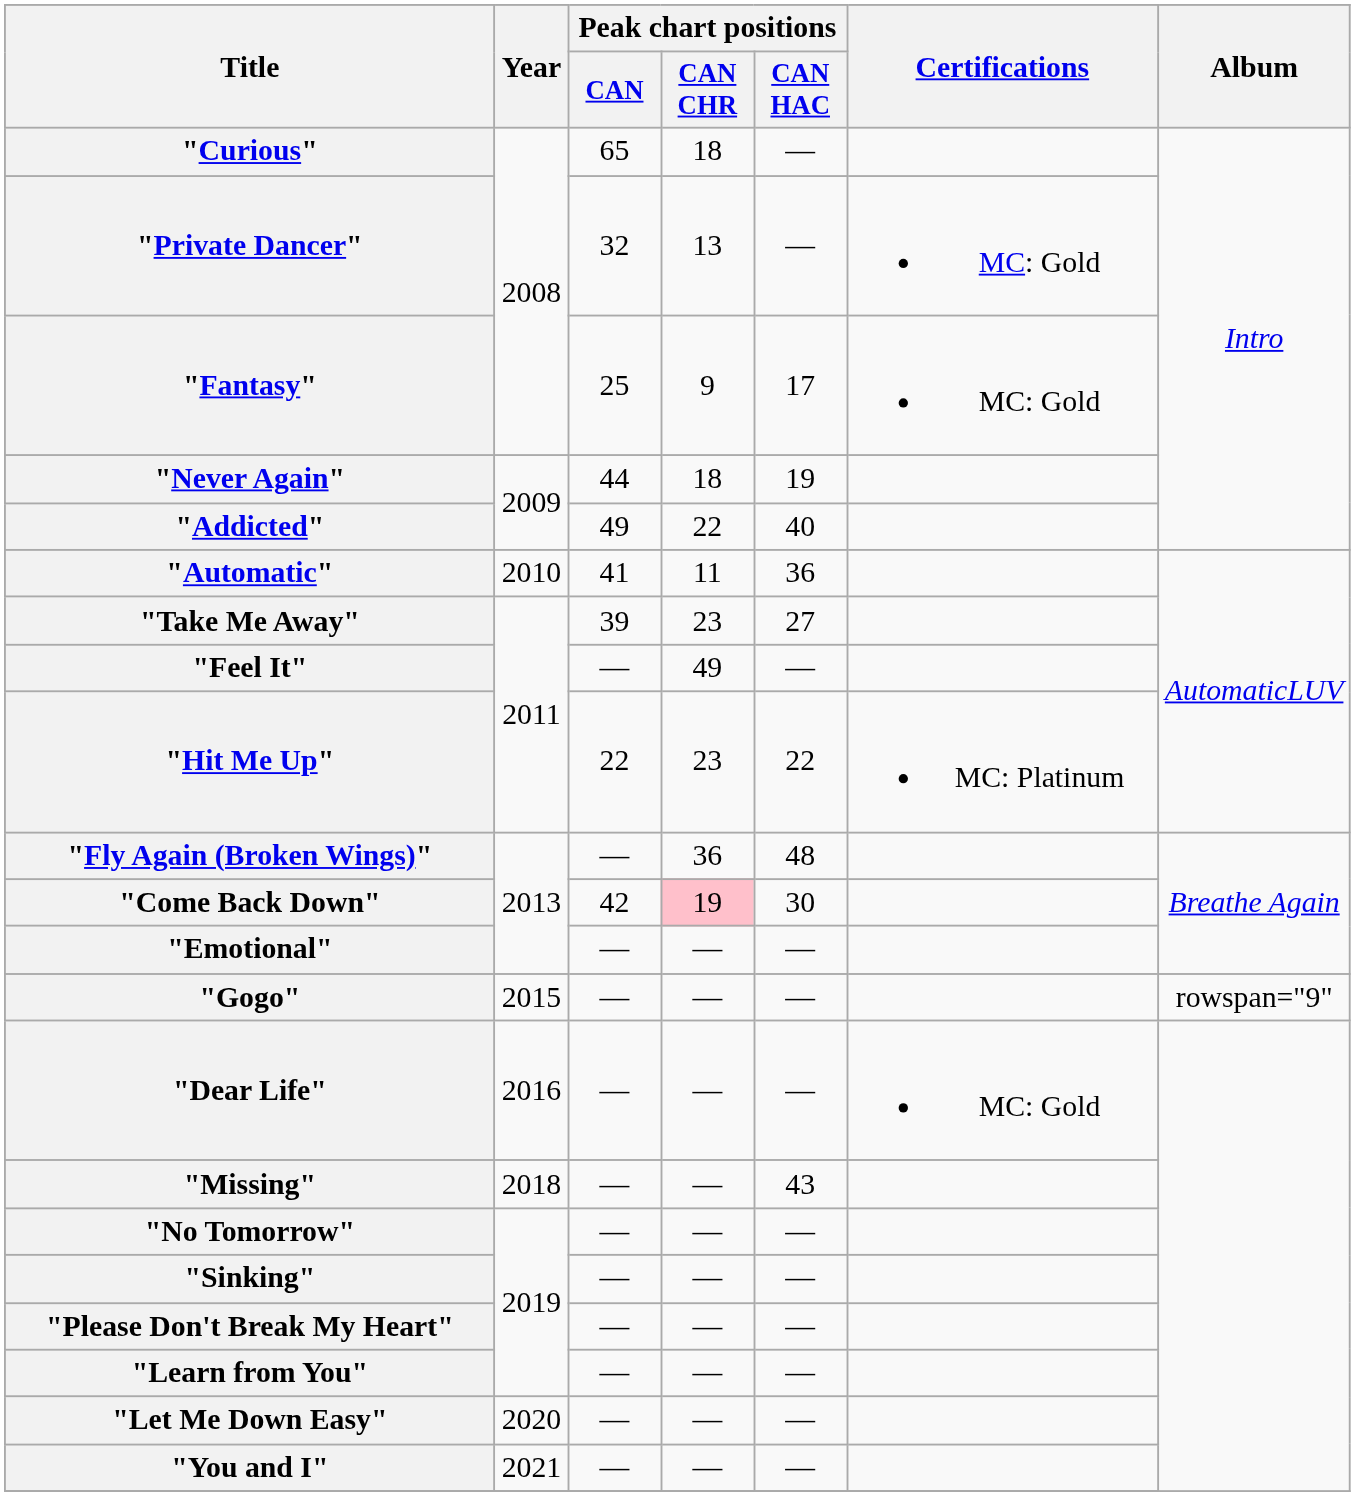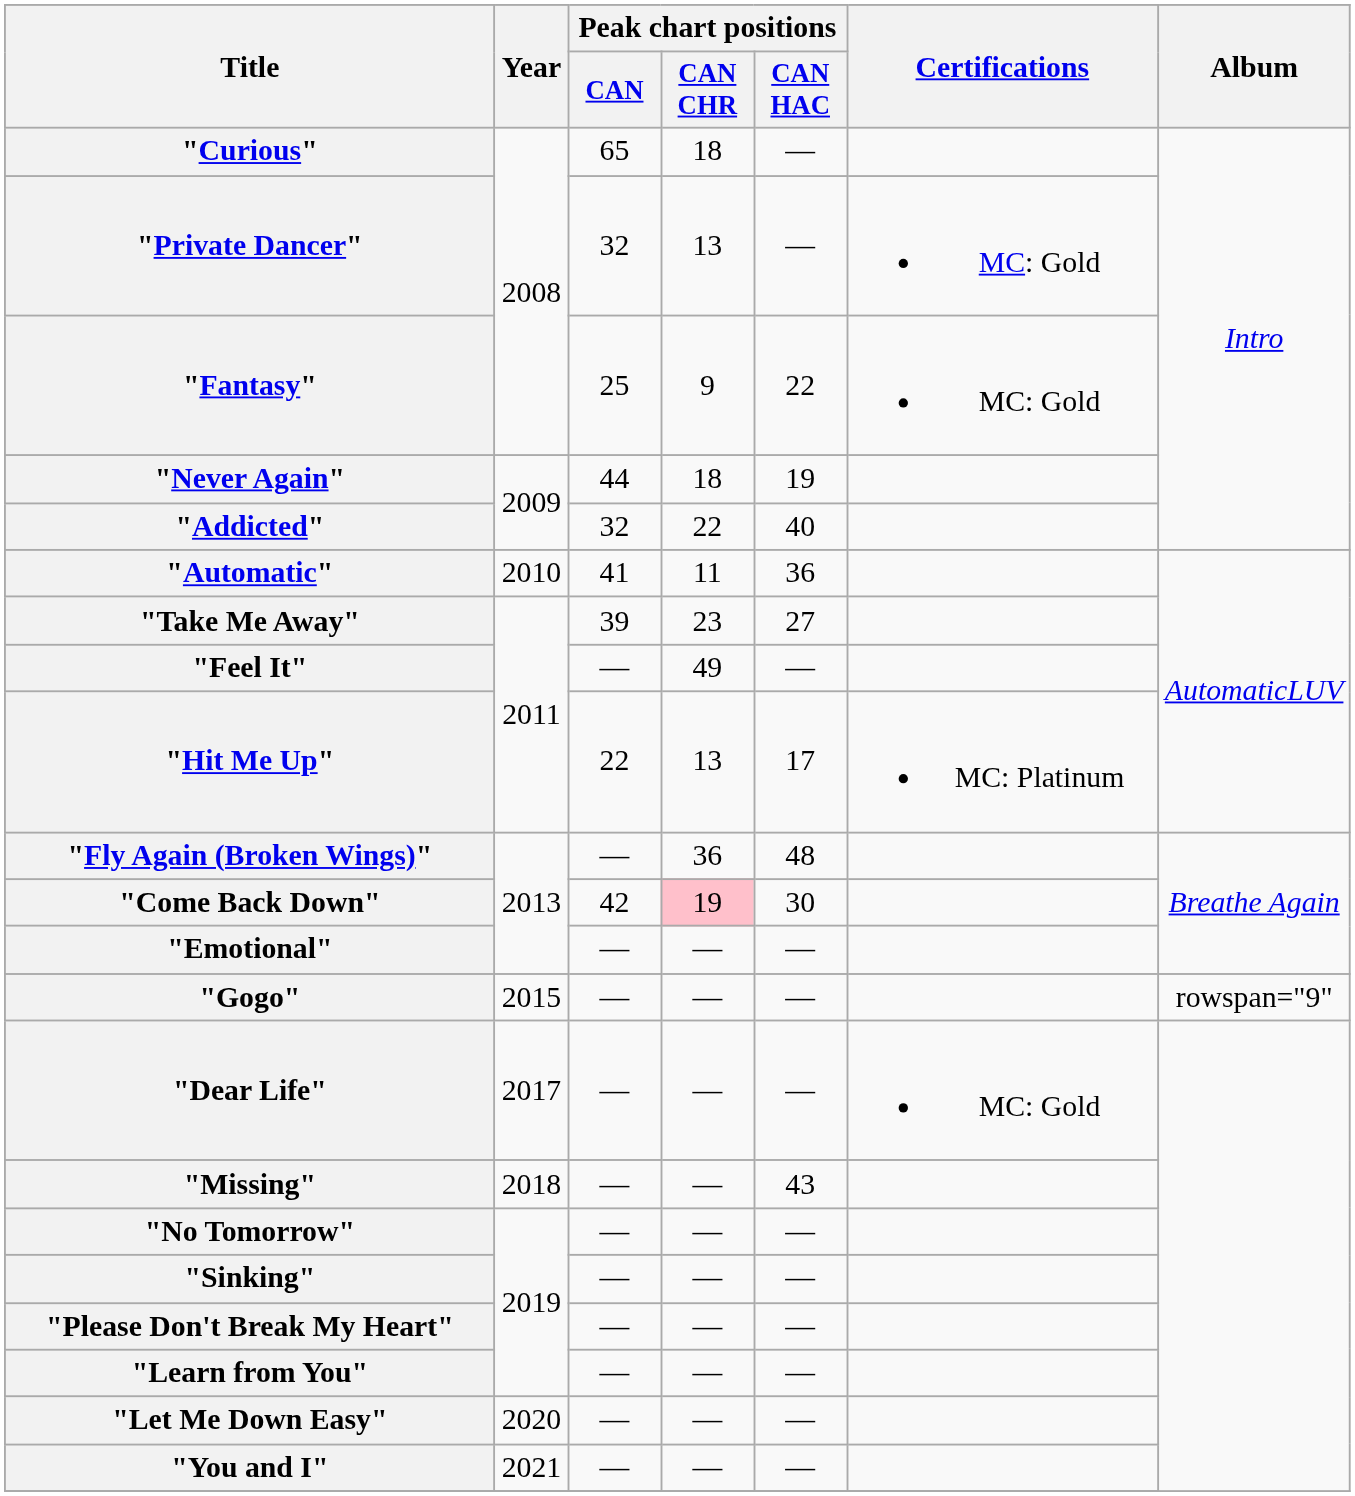 <table class="wikitable plainrowheaders" style="text-align:center;">
 <tr>
 <th scope="col" rowspan="2" style="width:16em;">Title</th>
 <th rowspan="2">Year</th>
 <th colspan="3">Peak chart positions</th>
 <th scope="col" rowspan="2" style="width:10em;"><a href='#'>Certifications</a></th>
 <th rowspan="2">Album</th>
 </tr>
 <tr>
 <th scope="col" style="width:3em;font-size:90%;"><a href='#'>CAN</a><br></th>
 <th scope="col" style="width:3em;font-size:90%;"><a href='#'>CAN CHR</a><br></th>
 <th scope="col" style="width:3em;font-size:90%;"><a href='#'>CAN HAC</a><br></th>
 </tr>
 <tr>
 <th scope="row">"<a href='#'>Curious</a>"<br></th>
 <td rowspan="3">2008</td>
 <td>65</td>
 <td>18</td>
 <td>—</td>
 <td></td>
 <td rowspan="5"><em><a href='#'>Intro</a></em></td>
 </tr>
 <tr>
 <th scope="row">"<a href='#'>Private Dancer</a>"<br></th>
 <td>32</td>
 <td>13</td>
 <td>—</td>
 <td><br><ul><li><a href='#'>MC</a>: Gold</li></ul></td>
 </tr>
 <tr>
 <th scope="row">"<a href='#'>Fantasy</a>"</th>
 <td>25</td>
 <td>9</td>
-<td>17</td>
+<td>22</td>
 <td><br><ul><li>MC: Gold</li></ul></td>
 </tr>
 <tr>
 <th scope="row">"<a href='#'>Never Again</a>"</th>
 <td rowspan="2">2009</td>
 <td>44</td>
 <td>18</td>
 <td>19</td>
 <td></td>
 </tr>
 <tr>
 <th scope="row">"<a href='#'>Addicted</a>"</th>
-<td>49</td>
+<td>32</td>
 <td>22</td>
 <td>40</td>
 <td></td>
 </tr>
 <tr>
 <th scope="row">"<a href='#'>Automatic</a>"<br></th>
 <td>2010</td>
 <td>41</td>
 <td>11</td>
 <td>36</td>
 <td></td>
 <td rowspan="4"><em><a href='#'>AutomaticLUV</a></em></td>
 </tr>
 <tr>
 <th scope="row">"Take Me Away"</th>
 <td rowspan="3">2011</td>
 <td>39</td>
 <td>23</td>
 <td>27</td>
 <td></td>
 </tr>
 <tr>
 <th scope="row">"Feel It"<br></th>
 <td>—</td>
 <td>49</td>
 <td>—</td>
 <td></td>
 </tr>
 <tr>
 <th scope="row">"<a href='#'>Hit Me Up</a>"<br></th>
 <td>22</td>
-<td>23</td>
-<td>22</td>
+<td>13</td>
+<td>17</td>
 <td><br><ul><li>MC: Platinum</li></ul></td>
 </tr>
 <tr>
 <th scope="row">"<a href='#'>Fly Again (Broken Wings)</a>"</th>
 <td rowspan="3">2013</td>
 <td>—</td>
 <td>36</td>
 <td>48</td>
 <td></td>
 <td rowspan="3"><em><a href='#'>Breathe Again</a></em></td>
 </tr>
 <tr>
 <th scope="row">"Come Back Down"</th>
 <td>42</td>
 <td style="background: pink;">19</td>
 <td>30</td>
 <td></td>
 </tr>
 <tr>
 <th scope="row">"Emotional"</th>
 <td>—</td>
 <td>—</td>
 <td>—</td>
 <td></td>
 </tr>
 <tr>
 <th scope="row">"Gogo"<br></th>
 <td>2015</td>
 <td>—</td>
 <td>—</td>
 <td>—</td>
 <td></td>
 <td>rowspan="9" </td>
 </tr>
 <tr>
 <th scope="row">"Dear Life"<br></th>
-<td>2016</td>
+<td>2017</td>
 <td>—</td>
 <td>—</td>
 <td>—</td>
 <td><br><ul><li>MC: Gold</li></ul></td>
 </tr>
 <tr>
 <th scope="row">"Missing"</th>
 <td>2018</td>
 <td>—</td>
 <td>—</td>
 <td>43</td>
 <td></td>
 </tr>
 <tr>
 <th scope="row">"No Tomorrow"<br></th>
 <td rowspan="4">2019</td>
 <td>—</td>
 <td>—</td>
 <td>—</td>
 <td></td>
 </tr>
 <tr>
 <th scope="row">"Sinking"</th>
 <td>—</td>
 <td>—</td>
 <td>—</td>
 <td></td>
 </tr>
 <tr>
 <th scope="row">"Please Don't Break My Heart"</th>
 <td>—</td>
 <td>—</td>
 <td>—</td>
 <td></td>
 </tr>
 <tr>
 <th scope="row">"Learn from You"<br></th>
 <td>—</td>
 <td>—</td>
 <td>—</td>
 <td></td>
 </tr>
 <tr>
 <th scope="row">"Let Me Down Easy"<br></th>
 <td>2020</td>
 <td>—</td>
 <td>—</td>
 <td>—</td>
 <td></td>
 </tr>
 <tr>
 <th scope="row">"You and I"<br></th>
 <td>2021</td>
 <td>—</td>
 <td>—</td>
 <td>—</td>
 <td></td>
 </tr>
 <tr>
 </tr>
 </table>
